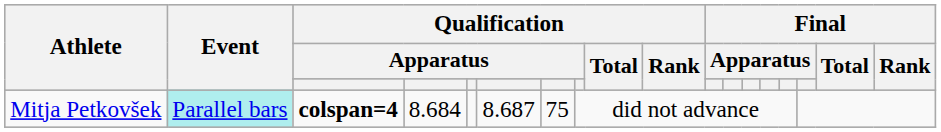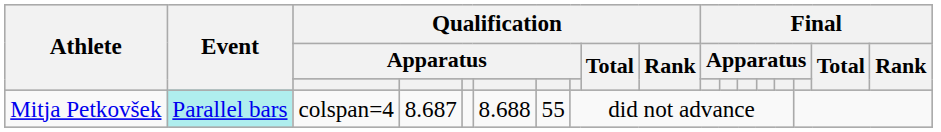 <table class="wikitable" style="font-size:90%">
 <tr>
 <th rowspan=3>Athlete</th>
 <th rowspan=3>Event</th>
 <th colspan =8>Qualification</th>
 <th colspan =8>Final</th>
 </tr>
 <tr style="font-size:95%">
 <th colspan=6>Apparatus</th>
 <th rowspan=2>Total</th>
 <th rowspan=2>Rank</th>
 <th colspan=6>Apparatus</th>
 <th rowspan=2>Total</th>
 <th rowspan=2>Rank</th>
 </tr>
 <tr style="font-size:95%">
 <th></th>
 <th></th>
 <th></th>
 <th></th>
 <th></th>
 <th></th>
 <th></th>
 <th></th>
 <th></th>
 <th></th>
 <th></th>
 <th></th>
 </tr>
 <tr align=center>
 <td align=left><a href='#'>Mitja Petkovšek</a></td>
 <td align=left style="background: paleturquoise;"><a href='#'>Parallel bars</a></td>
-<td><strong>colspan=4 </strong></td>
-<td>8.684</td>
+<td>colspan=4 </td>
+<td>8.687</td>
 <td></td>
-<td>8.687</td>
-<td>75</td>
+<td>8.688</td>
+<td>55</td>
 <td colspan=8>did not advance</td>
 </tr>
 </table>
